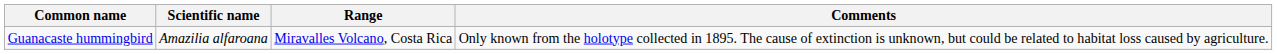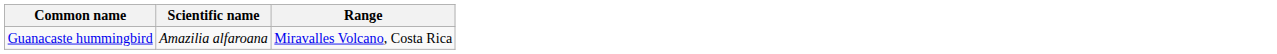 <table class="wikitable">
 <tr>
 <th>Common name</th>
 <th>Scientific name</th>
 <th>Range</th>
-<th class="unsortable">Comments</th>
 </tr>
 <tr>
 <td><a href='#'>Guanacaste hummingbird</a></td>
 <td><em>Amazilia alfaroana</em></td>
 <td><a href='#'>Miravalles Volcano</a>, Costa Rica</td>
-<td>Only known from the <a href='#'>holotype</a> collected in 1895. The cause of extinction is unknown, but could be related to habitat loss caused by agriculture.</td>
 </tr>
 </table>
